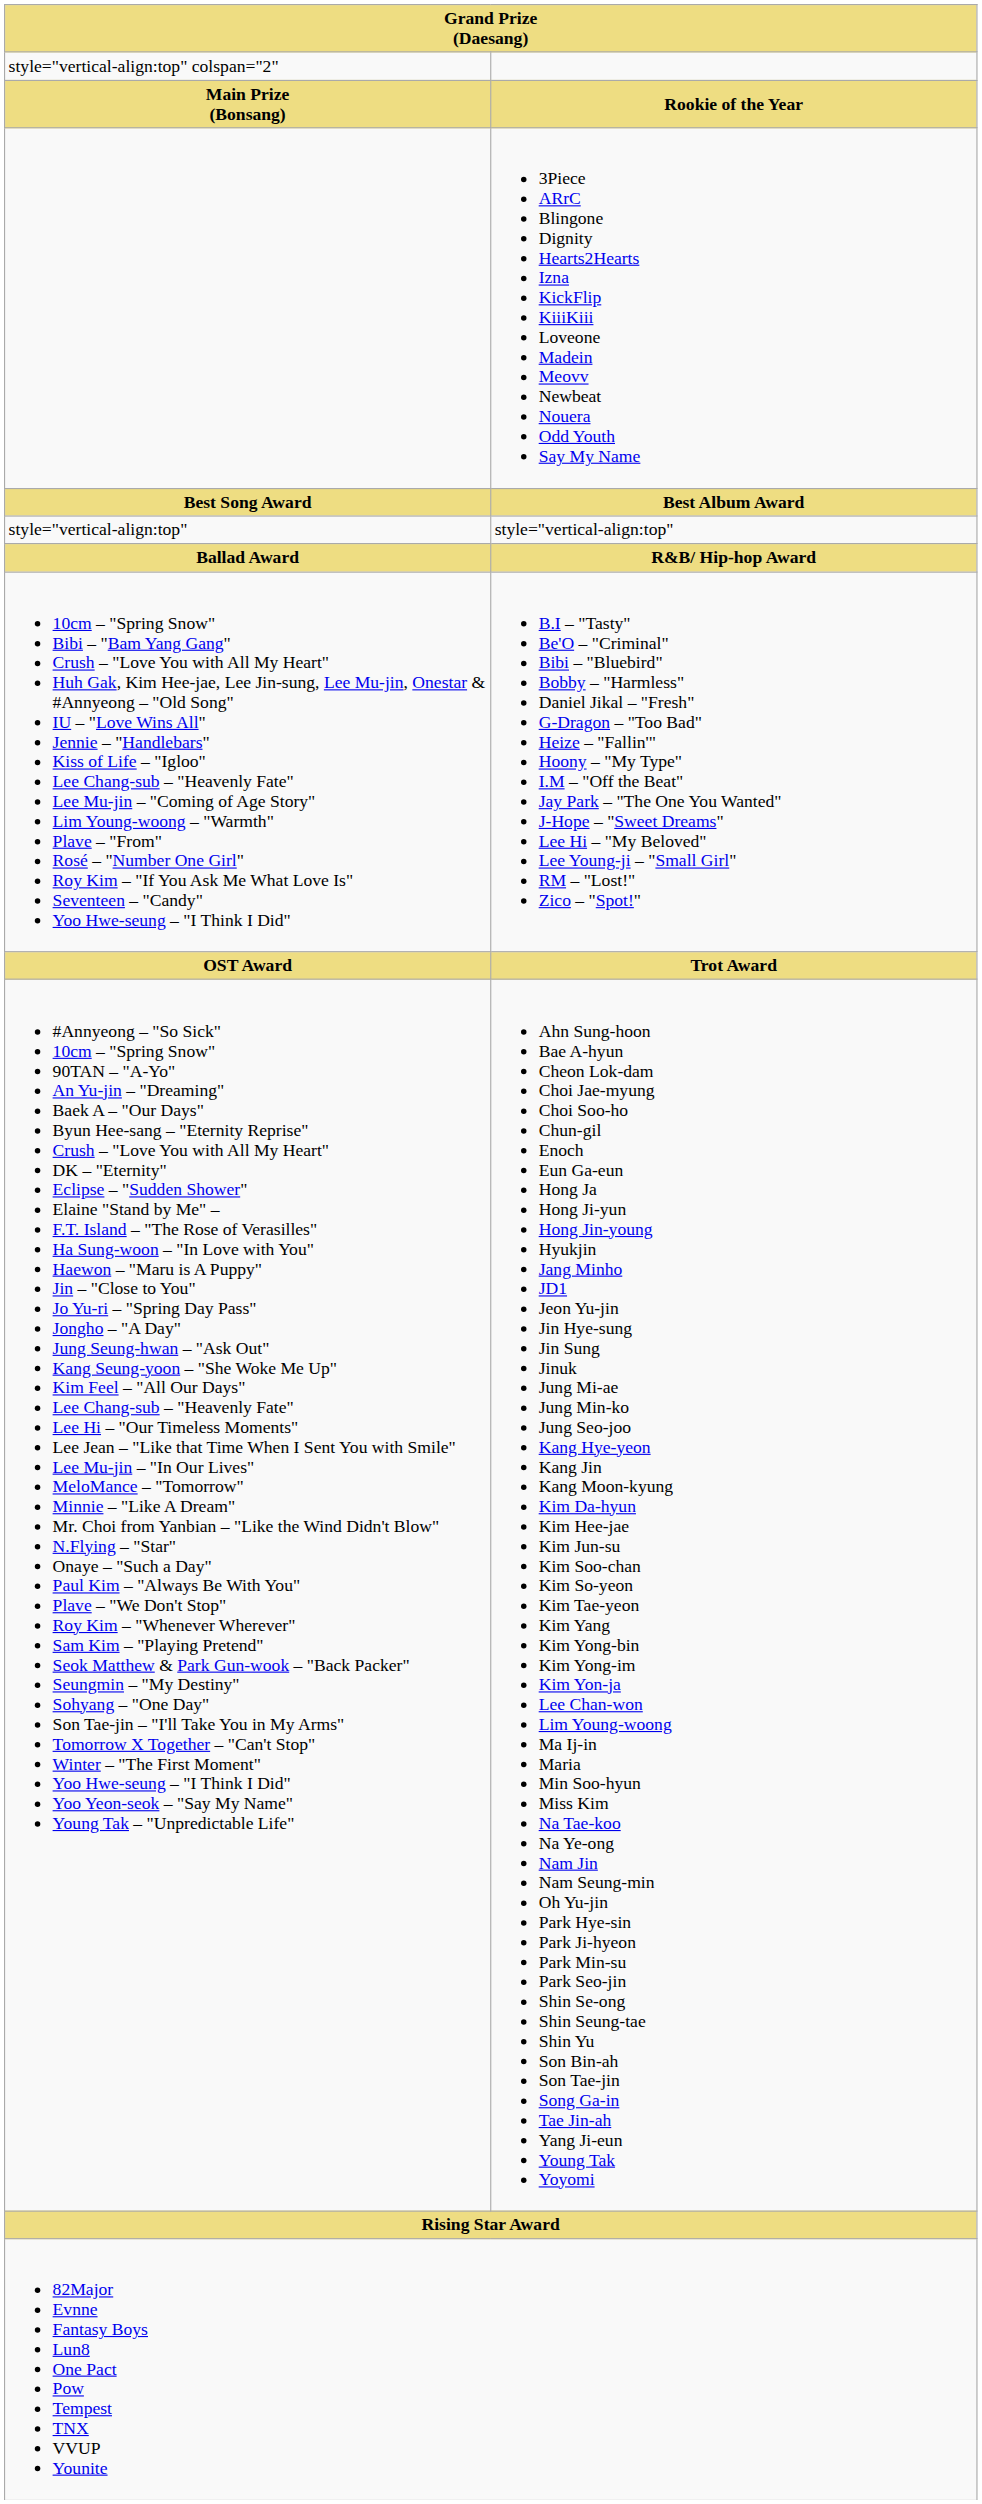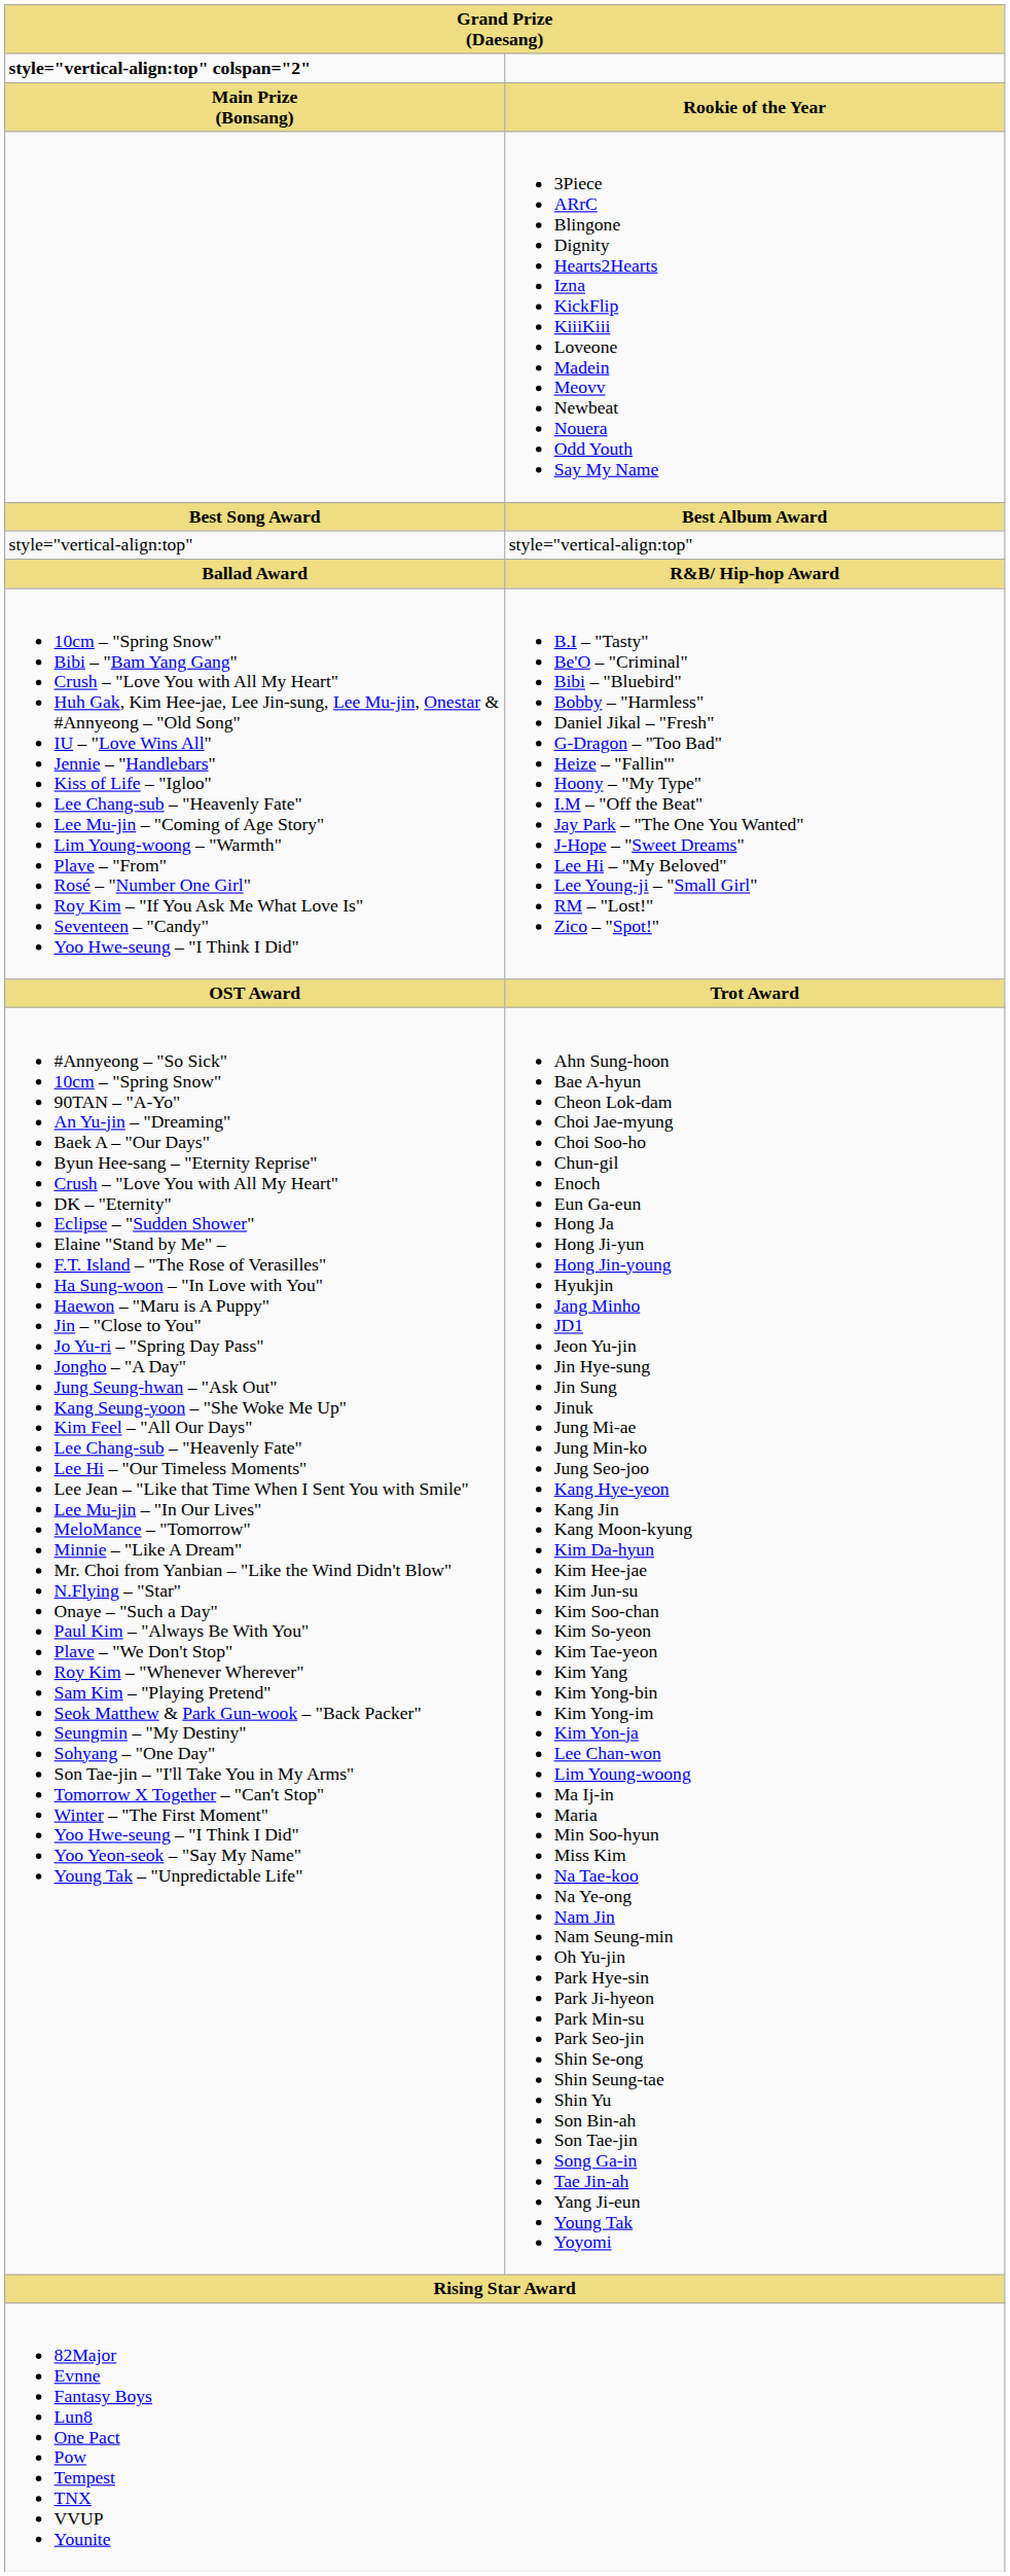 <table class="wikitable" style="width:70%">
 <tr>
 <th scope="col" style="background:#EEDD82; width:50%" colspan="2">Grand Prize<br>(Daesang)</th>
 </tr>
 <tr>
-<td>style="vertical-align:top" colspan="2" </td>
+<td><strong>style="vertical-align:top" colspan="2" </strong></td>
 </tr>
 <tr>
 <th scope="col" style="background:#EEDD82; width:50%">Main Prize<br>(Bonsang)</th>
 <th scope="col" style="background:#EEDD82">Rookie of the Year</th>
 </tr>
 <tr>
 <td style="vertical-align:top"><br></td>
 <td style="vertical-align:top"><br><ul><li>3Piece</li><li><a href='#'>ARrC</a></li><li>Blingone</li><li>Dignity</li><li><a href='#'>Hearts2Hearts</a></li><li><a href='#'>Izna</a></li><li><a href='#'>KickFlip</a></li><li><a href='#'>KiiiKiii</a></li><li>Loveone</li><li><a href='#'>Madein</a></li><li><a href='#'>Meovv</a></li><li>Newbeat</li><li><a href='#'>Nouera</a></li><li><a href='#'>Odd Youth</a></li><li><a href='#'>Say My Name</a></li></ul></td>
 </tr>
 <tr>
 <th scope="col" style="background:#EEDD82">Best Song Award</th>
 <th scope="col" style="background:#EEDD82">Best Album Award</th>
 </tr>
 <tr>
 <td>style="vertical-align:top" </td>
 <td>style="vertical-align:top" </td>
 </tr>
 <tr>
 <th scope="col" style="background:#EEDD82">Ballad Award</th>
 <th scope="col" style="background:#EEDD82">R&B/ Hip-hop Award</th>
 </tr>
 <tr>
 <td style="vertical-align:top"><br><ul><li><a href='#'>10cm</a> – "Spring Snow"</li><li><a href='#'>Bibi</a> – "<a href='#'>Bam Yang Gang</a>"</li><li><a href='#'>Crush</a> – "Love You with All My Heart"</li><li><a href='#'>Huh Gak</a>, Kim Hee-jae, Lee Jin-sung, <a href='#'>Lee Mu-jin</a>, <a href='#'>Onestar</a> & #Annyeong – "Old Song"</li><li><a href='#'>IU</a> – "<a href='#'>Love Wins All</a>"</li><li><a href='#'>Jennie</a> – "<a href='#'>Handlebars</a>" </li><li><a href='#'>Kiss of Life</a> – "Igloo"</li><li><a href='#'>Lee Chang-sub</a> – "Heavenly Fate"</li><li><a href='#'>Lee Mu-jin</a> – "Coming of Age Story"</li><li><a href='#'>Lim Young-woong</a> – "Warmth"</li><li><a href='#'>Plave</a> – "From"</li><li><a href='#'>Rosé</a> – "<a href='#'>Number One Girl</a>"</li><li><a href='#'>Roy Kim</a> – "If You Ask Me What Love Is"</li><li><a href='#'>Seventeen</a> – "Candy"</li><li><a href='#'>Yoo Hwe-seung</a> – "I Think I Did"</li></ul></td>
 <td style="vertical-align:top"><br><ul><li><a href='#'>B.I</a> – "Tasty"</li><li><a href='#'>Be'O</a> – "Criminal" </li><li><a href='#'>Bibi</a> – "Bluebird"</li><li><a href='#'>Bobby</a> – "Harmless" </li><li>Daniel Jikal – "Fresh"</li><li><a href='#'>G-Dragon</a> – "Too Bad" </li><li><a href='#'>Heize</a> – "Fallin'"</li><li><a href='#'>Hoony</a> – "My Type"</li><li><a href='#'>I.M</a> – "Off the Beat"</li><li><a href='#'>Jay Park</a> – "The One You Wanted"</li><li><a href='#'>J-Hope</a> – "<a href='#'>Sweet Dreams</a>" </li><li><a href='#'>Lee Hi</a> – "My Beloved"</li><li><a href='#'>Lee Young-ji</a> – "<a href='#'>Small Girl</a>" </li><li><a href='#'>RM</a> – "Lost!"</li><li><a href='#'>Zico</a> – "<a href='#'>Spot!</a>" </li></ul></td>
 </tr>
 <tr>
 <th scope="col" style="background:#EEDD82">OST Award</th>
 <th scope="col" style="background:#EEDD82">Trot Award</th>
 </tr>
 <tr>
 <td style="vertical-align:top"><br><ul><li>#Annyeong – "So Sick" </li><li><a href='#'>10cm</a> – "Spring Snow" </li><li>90TAN – "A-Yo" </li><li><a href='#'>An Yu-jin</a> – "Dreaming" </li><li>Baek A – "Our Days" </li><li>Byun Hee-sang – "Eternity Reprise" </li><li><a href='#'>Crush</a> – "Love You with All My Heart" </li><li>DK – "Eternity" </li><li><a href='#'>Eclipse</a> – "<a href='#'>Sudden Shower</a>" </li><li>Elaine "Stand by Me" – </li><li><a href='#'>F.T. Island</a> – "The Rose of Verasilles" </li><li><a href='#'>Ha Sung-woon</a> – "In Love with You" </li><li><a href='#'>Haewon</a> – "Maru is A Puppy" </li><li><a href='#'>Jin</a> – "Close to You" </li><li><a href='#'>Jo Yu-ri</a> – "Spring Day Pass" </li><li><a href='#'>Jongho</a> – "A Day" </li><li><a href='#'>Jung Seung-hwan</a> – "Ask Out" </li><li><a href='#'>Kang Seung-yoon</a> – "She Woke Me Up" </li><li><a href='#'>Kim Feel</a> – "All Our Days" </li><li><a href='#'>Lee Chang-sub</a> – "Heavenly Fate" </li><li><a href='#'>Lee Hi</a> – "Our Timeless Moments" </li><li>Lee Jean – "Like that Time When I Sent You with Smile" </li><li><a href='#'>Lee Mu-jin</a> – "In Our Lives" </li><li><a href='#'>MeloMance</a> – "Tomorrow" </li><li><a href='#'>Minnie</a> – "Like A Dream" </li><li>Mr. Choi from Yanbian – "Like the Wind Didn't Blow" </li><li><a href='#'>N.Flying</a> – "Star" </li><li>Onaye – "Such a Day" </li><li><a href='#'>Paul Kim</a> – "Always Be With You" </li><li><a href='#'>Plave</a> – "We Don't Stop" </li><li><a href='#'>Roy Kim</a> – "Whenever Wherever" </li><li><a href='#'>Sam Kim</a> – "Playing Pretend" </li><li><a href='#'>Seok Matthew</a> & <a href='#'>Park Gun-wook</a> – "Back Packer" </li><li><a href='#'>Seungmin</a> – "My Destiny" </li><li><a href='#'>Sohyang</a> – "One Day" </li><li>Son Tae-jin – "I'll Take You in My Arms" </li><li><a href='#'>Tomorrow X Together</a> – "Can't Stop" </li><li><a href='#'>Winter</a> – "The First Moment" </li><li><a href='#'>Yoo Hwe-seung</a> – "I Think I Did" </li><li><a href='#'>Yoo Yeon-seok</a> – "Say My Name"  </li><li><a href='#'>Young Tak</a> – "Unpredictable Life" </li></ul></td>
 <td style="vertical-align:top"><br><ul><li>Ahn Sung-hoon</li><li>Bae A-hyun</li><li>Cheon Lok-dam</li><li>Choi Jae-myung</li><li>Choi Soo-ho</li><li>Chun-gil</li><li>Enoch</li><li>Eun Ga-eun</li><li>Hong Ja</li><li>Hong Ji-yun</li><li><a href='#'>Hong Jin-young</a></li><li>Hyukjin</li><li><a href='#'>Jang Minho</a></li><li><a href='#'>JD1</a></li><li>Jeon Yu-jin</li><li>Jin Hye-sung</li><li>Jin Sung</li><li>Jinuk</li><li>Jung Mi-ae</li><li>Jung Min-ko</li><li>Jung Seo-joo</li><li><a href='#'>Kang Hye-yeon</a></li><li>Kang Jin</li><li>Kang Moon-kyung</li><li><a href='#'>Kim Da-hyun</a></li><li>Kim Hee-jae</li><li>Kim Jun-su</li><li>Kim Soo-chan</li><li>Kim So-yeon</li><li>Kim Tae-yeon</li><li>Kim Yang</li><li>Kim Yong-bin</li><li>Kim Yong-im</li><li><a href='#'>Kim Yon-ja</a></li><li><a href='#'>Lee Chan-won</a></li><li><a href='#'>Lim Young-woong</a></li><li>Ma Ij-in</li><li>Maria</li><li>Min Soo-hyun</li><li>Miss Kim</li><li><a href='#'>Na Tae-koo</a></li><li>Na Ye-ong</li><li><a href='#'>Nam Jin</a></li><li>Nam Seung-min</li><li>Oh Yu-jin</li><li>Park Hye-sin</li><li>Park Ji-hyeon</li><li>Park Min-su</li><li>Park Seo-jin</li><li>Shin Se-ong</li><li>Shin Seung-tae</li><li>Shin Yu</li><li>Son Bin-ah</li><li>Son Tae-jin</li><li><a href='#'>Song Ga-in</a></li><li><a href='#'>Tae Jin-ah</a></li><li>Yang Ji-eun</li><li><a href='#'>Young Tak</a></li><li><a href='#'>Yoyomi</a></li></ul></td>
 </tr>
 <tr>
 <th scope="col" style="background:#EEDD82" colspan="2">Rising Star Award</th>
 </tr>
 <tr>
 <td style="vertical-align:top" colspan="2"><br><ul><li><a href='#'>82Major</a></li><li><a href='#'>Evnne</a></li><li><a href='#'>Fantasy Boys</a></li><li><a href='#'>Lun8</a></li><li><a href='#'>One Pact</a></li><li><a href='#'>Pow</a></li><li><a href='#'>Tempest</a></li><li><a href='#'>TNX</a></li><li>VVUP</li><li><a href='#'>Younite</a></li></ul></td>
 </tr>
 </table>
